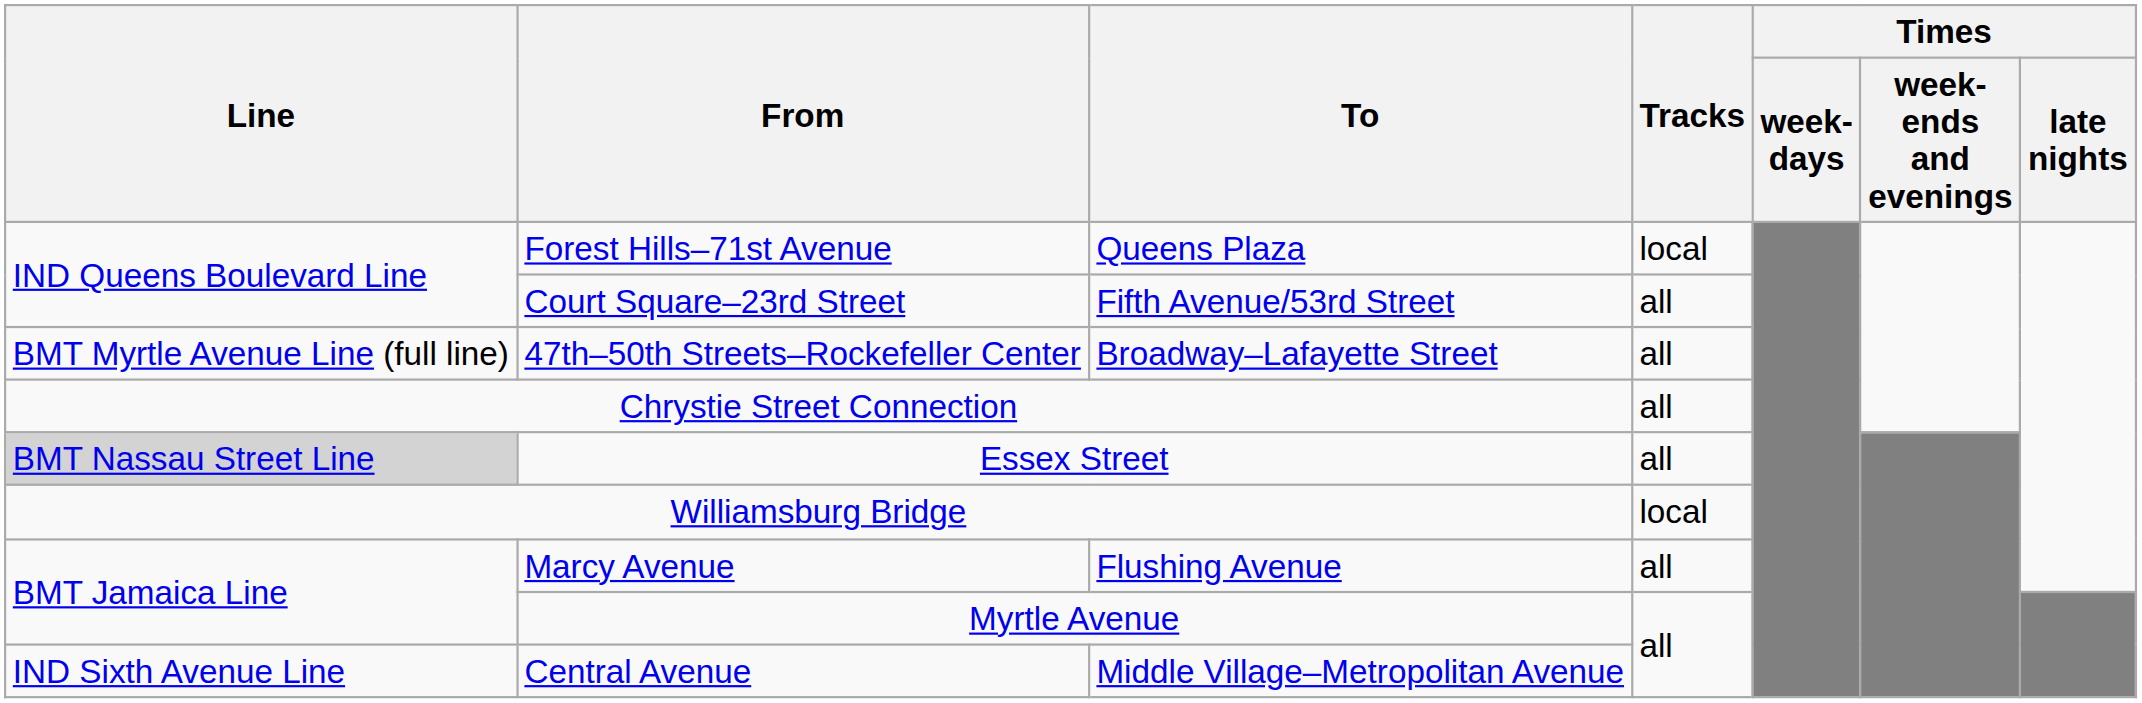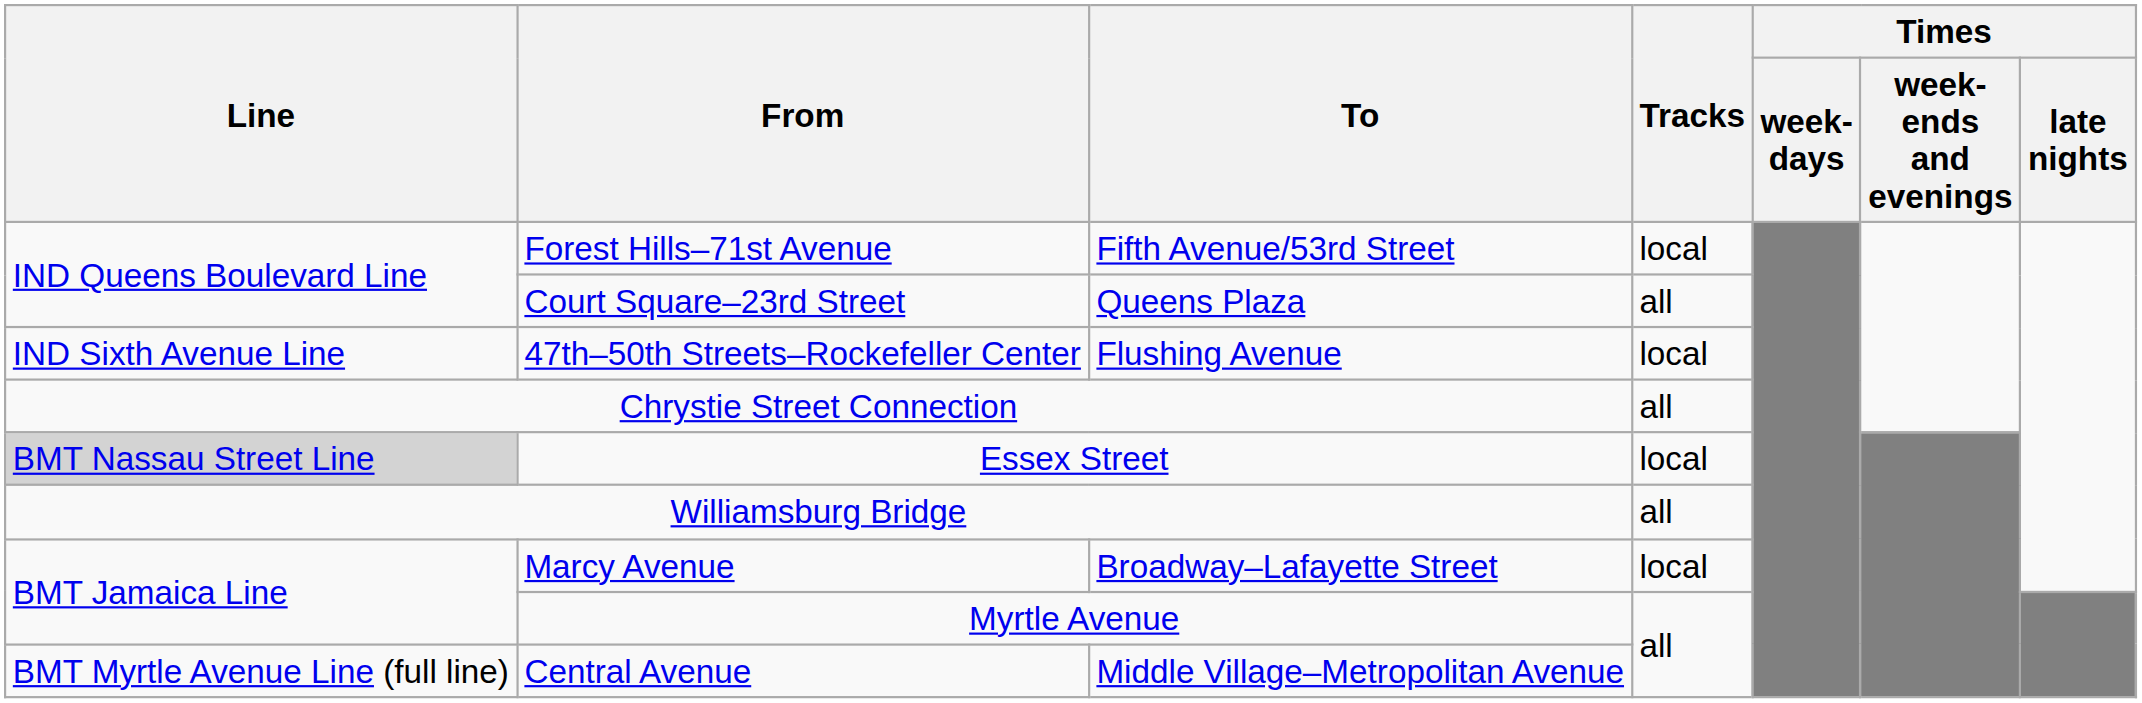 <table class="wikitable collapsible" style="width:auto; font-size:95%">
 <tr>
 <th rowspan=2>Line</th>
 <th rowspan=2>From</th>
 <th rowspan=2>To</th>
 <th rowspan=2>Tracks</th>
 <th colspan=3>Times</th>
 </tr>
 <tr>
 <th width=40>week­days</th>
 <th width=40>week­ends and evenings</th>
 <th width=40>late nights</th>
 </tr>
 <tr>
 <td rowspan=2><a href='#'>IND Queens Boulevard Line</a></td>
 <td><a href='#'>Forest Hills–71st Avenue</a></td>
-<td><a href='#'>Queens Plaza</a></td>
+<td><a href='#'>Fifth Avenue/53rd Street</a></td>
 <td>local</td>
 <td rowspan=9 style="background: gray"> </td>
 <td rowspan=4> </td>
 <td rowspan="7"> </td>
 </tr>
 <tr>
 <td><a href='#'>Court Square–23rd Street</a></td>
-<td><a href='#'>Fifth Avenue/53rd Street</a></td>
+<td><a href='#'>Queens Plaza</a></td>
 <td>all</td>
 </tr>
 <tr>
-<td><a href='#'>BMT Myrtle Avenue Line</a> (full line)</td>
+<td><a href='#'>IND Sixth Avenue Line</a></td>
 <td><a href='#'>47th–50th Streets–Rockefeller Center</a></td>
-<td><a href='#'>Broadway–Lafayette Street</a></td>
-<td>all</td>
+<td><a href='#'>Flushing Avenue</a></td>
+<td>local</td>
 </tr>
 <tr>
 <td colspan="3" style="text-align:center;"><a href='#'>Chrystie Street Connection</a></td>
 <td>all</td>
 </tr>
 <tr>
 <td style="background: lightgrey;"><a href='#'>BMT Nassau Street Line</a></td>
 <td colspan="2" style="text-align:center;"><a href='#'>Essex Street</a></td>
-<td>all</td>
+<td>local</td>
 <td rowspan="5" style="background: gray"> </td>
 </tr>
 <tr>
 <td colspan="3" style="text-align:center;"><a href='#'>Williamsburg Bridge</a></td>
-<td>local</td>
+<td>all</td>
 </tr>
 <tr>
 <td rowspan=2><a href='#'>BMT Jamaica Line</a></td>
 <td><a href='#'>Marcy Avenue</a></td>
-<td><a href='#'>Flushing Avenue</a></td>
-<td>all</td>
+<td><a href='#'>Broadway–Lafayette Street</a></td>
+<td>local</td>
 </tr>
 <tr>
 <td colspan="2" style="text-align:center;"><a href='#'>Myrtle Avenue</a></td>
 <td rowspan=2>all</td>
 <td rowspan=2 style="background:gray"> </td>
 </tr>
 <tr>
-<td><a href='#'>IND Sixth Avenue Line</a></td>
+<td><a href='#'>BMT Myrtle Avenue Line</a> (full line)</td>
 <td><a href='#'>Central Avenue</a></td>
 <td><a href='#'>Middle Village–Metropolitan Avenue</a></td>
 </tr>
 </table>
